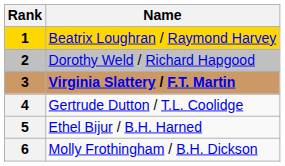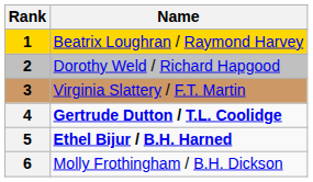 <table class="wikitable">
 <tr>
 <th>Rank</th>
 <th>Name</th>
 </tr>
 <tr bgcolor="gold">
 <td align="center"><strong>1</strong></td>
 <td><a href='#'>Beatrix Loughran</a> / <a href='#'>Raymond Harvey</a></td>
 </tr>
 <tr bgcolor="silver">
 <td align="center"><strong>2</strong></td>
 <td><a href='#'>Dorothy Weld</a> / <a href='#'>Richard Hapgood</a></td>
 </tr>
 <tr bgcolor="cc9966">
 <td align="center"><strong>3</strong></td>
-<td><strong><a href='#'>Virginia Slattery</a> / <a href='#'>F.T. Martin</a></strong></td>
+<td><a href='#'>Virginia Slattery</a> / <a href='#'>F.T. Martin</a></td>
 </tr>
 <tr>
 <th>4</th>
-<td><a href='#'>Gertrude Dutton</a> / <a href='#'>T.L. Coolidge</a></td>
+<td><strong><a href='#'>Gertrude Dutton</a> / <a href='#'>T.L. Coolidge</a></strong></td>
 </tr>
 <tr>
 <th>5</th>
-<td><a href='#'>Ethel Bijur</a> / <a href='#'>B.H. Harned</a></td>
+<td><strong><a href='#'>Ethel Bijur</a> / <a href='#'>B.H. Harned</a></strong></td>
 </tr>
 <tr>
 <th>6</th>
 <td><a href='#'>Molly Frothingham</a> / <a href='#'>B.H. Dickson</a></td>
 </tr>
 </table>
